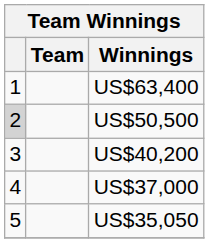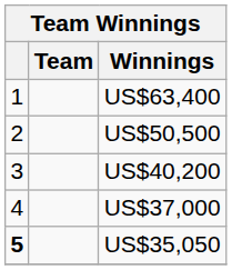 <table class="wikitable">
 <tr>
 <th colspan="3">Team Winnings</th>
 </tr>
 <tr>
 <th></th>
 <th>Team</th>
 <th>Winnings</th>
 </tr>
 <tr>
 <td>1</td>
 <td><br></td>
 <td>US$63,400</td>
 </tr>
 <tr>
-<td style="background: lightgrey;">2</td>
+<td>2</td>
 <td><br></td>
 <td>US$50,500</td>
 </tr>
 <tr>
 <td>3</td>
 <td><br></td>
 <td>US$40,200</td>
 </tr>
 <tr>
 <td>4</td>
 <td><br></td>
 <td>US$37,000</td>
 </tr>
 <tr>
-<td>5</td>
+<td><strong>5</strong></td>
 <td><br></td>
 <td>US$35,050</td>
 </tr>
 <tr>
 </tr>
 </table>
